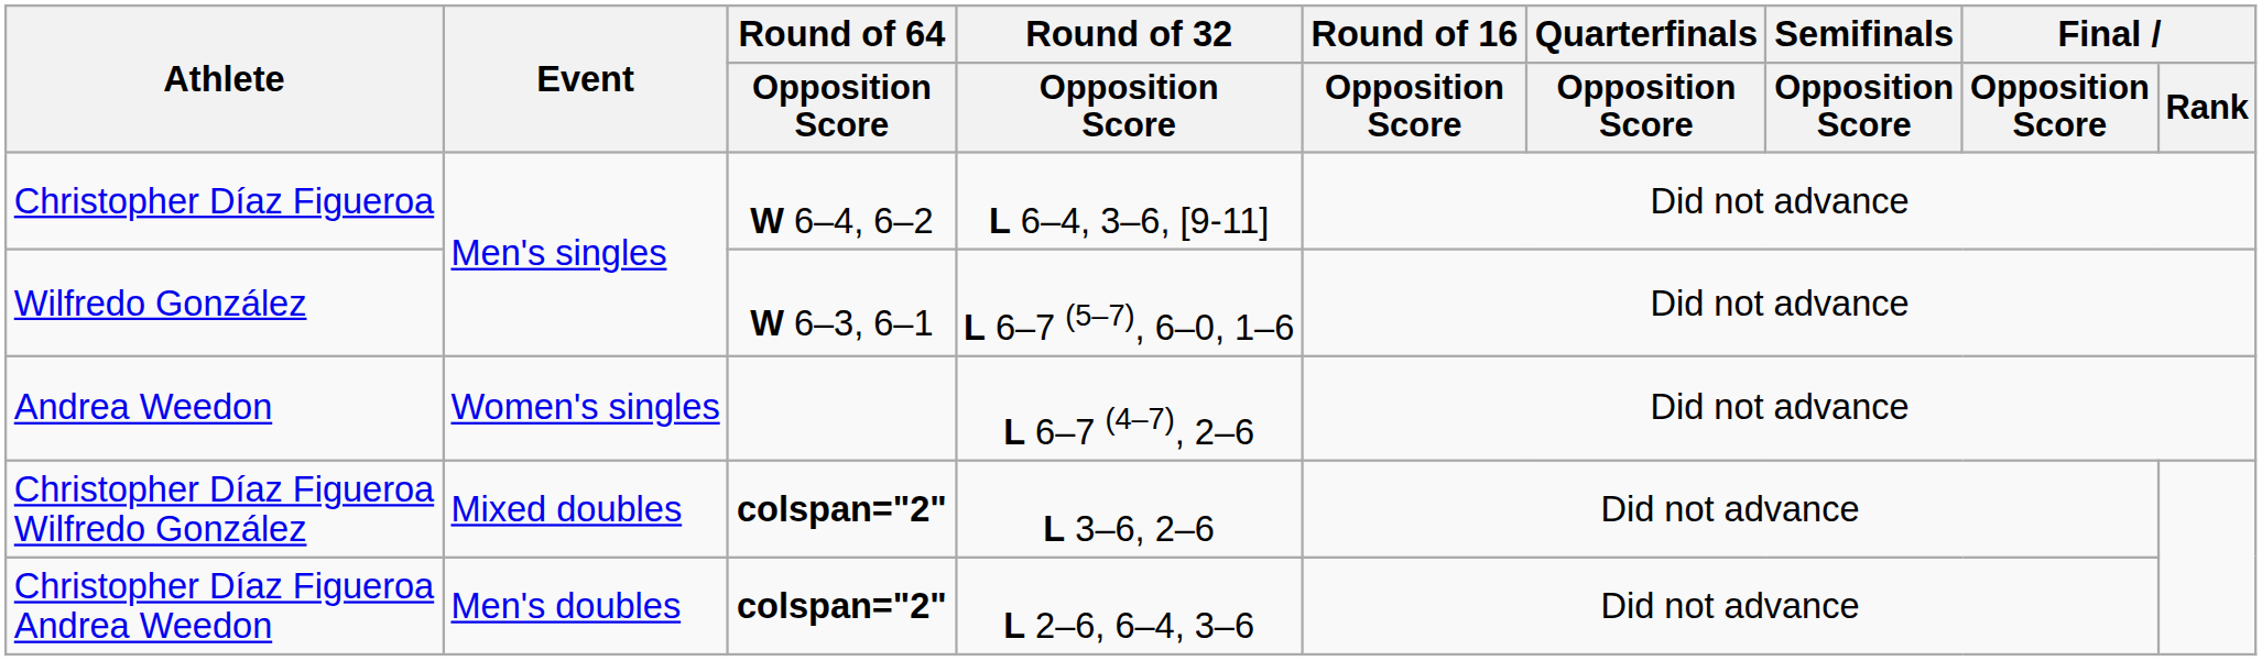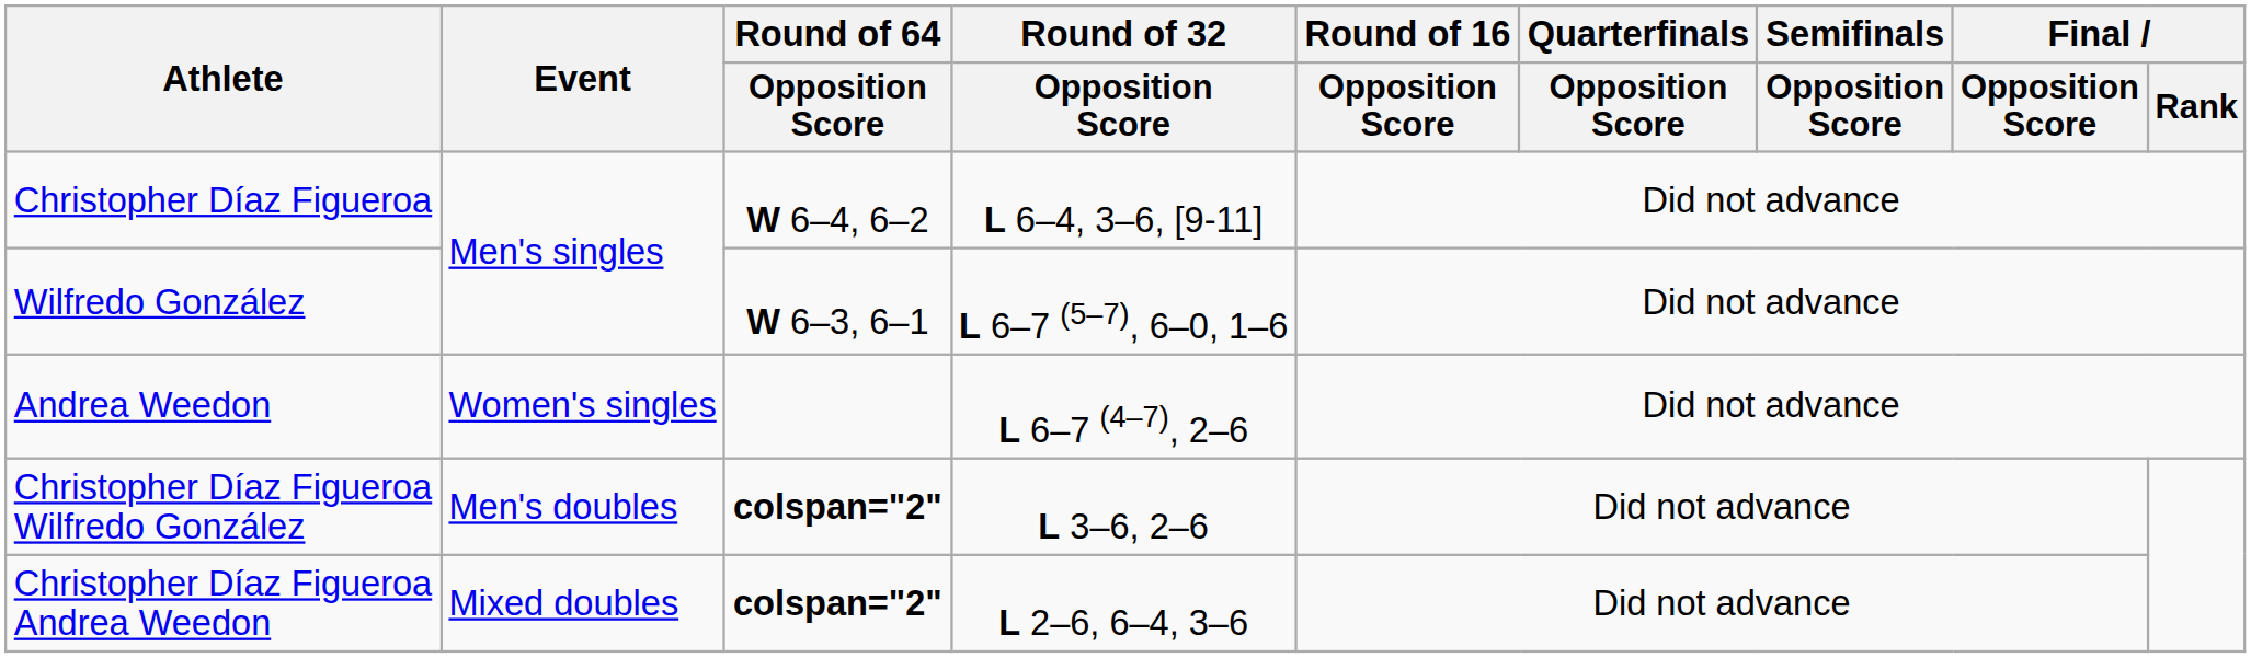 <table class=wikitable style="font-size:90%">
 <tr>
 <th rowspan="2">Athlete</th>
 <th rowspan="2">Event</th>
 <th>Round of 64</th>
 <th>Round of 32</th>
 <th>Round of 16</th>
 <th>Quarterfinals</th>
 <th>Semifinals</th>
 <th colspan=2>Final / </th>
 </tr>
 <tr style="font-size:95%">
 <th>Opposition<br>Score</th>
 <th>Opposition<br>Score</th>
 <th>Opposition<br>Score</th>
 <th>Opposition<br>Score</th>
 <th>Opposition<br>Score</th>
 <th>Opposition<br>Score</th>
 <th>Rank</th>
 </tr>
 <tr align=center>
 <td align=left><a href='#'>Christopher Díaz Figueroa</a></td>
 <td rowspan="2" align=left><a href='#'>Men's singles</a></td>
 <td><br><strong>W</strong> 6–4, 6–2</td>
 <td><br><strong>L</strong> 6–4, 3–6, [9-11]</td>
 <td colspan=5>Did not advance</td>
 </tr>
 <tr align=center>
 <td align=left><a href='#'>Wilfredo González</a></td>
 <td><br><strong>W</strong> 6–3, 6–1</td>
 <td><br><strong>L</strong> 6–7 <sup>(5–7)</sup>, 6–0, 1–6</td>
 <td colspan=5>Did not advance</td>
 </tr>
 <tr align=center>
 <td align=left><a href='#'>Andrea Weedon</a></td>
 <td align=left><a href='#'>Women's singles</a></td>
 <td></td>
 <td><br><strong>L</strong> 6–7 <sup>(4–7)</sup>, 2–6</td>
 <td colspan=5>Did not advance</td>
 </tr>
 <tr align=center>
 <td align=left><a href='#'>Christopher Díaz Figueroa</a><br><a href='#'>Wilfredo González</a></td>
-<td align=left><a href='#'>Mixed doubles</a></td>
+<td align=left><a href='#'>Men's doubles</a></td>
 <td><strong>colspan="2" </strong></td>
 <td><br><strong>L</strong> 3–6, 2–6</td>
 <td colspan=4>Did not advance</td>
 </tr>
 <tr align=center>
 <td align=left><a href='#'>Christopher Díaz Figueroa</a><br><a href='#'>Andrea Weedon</a></td>
-<td align=left><a href='#'>Men's doubles</a></td>
+<td align=left><a href='#'>Mixed doubles</a></td>
 <td><strong>colspan="2" </strong></td>
 <td><br><strong>L</strong> 2–6, 6–4, 3–6</td>
 <td colspan=4>Did not advance</td>
 </tr>
 </table>
